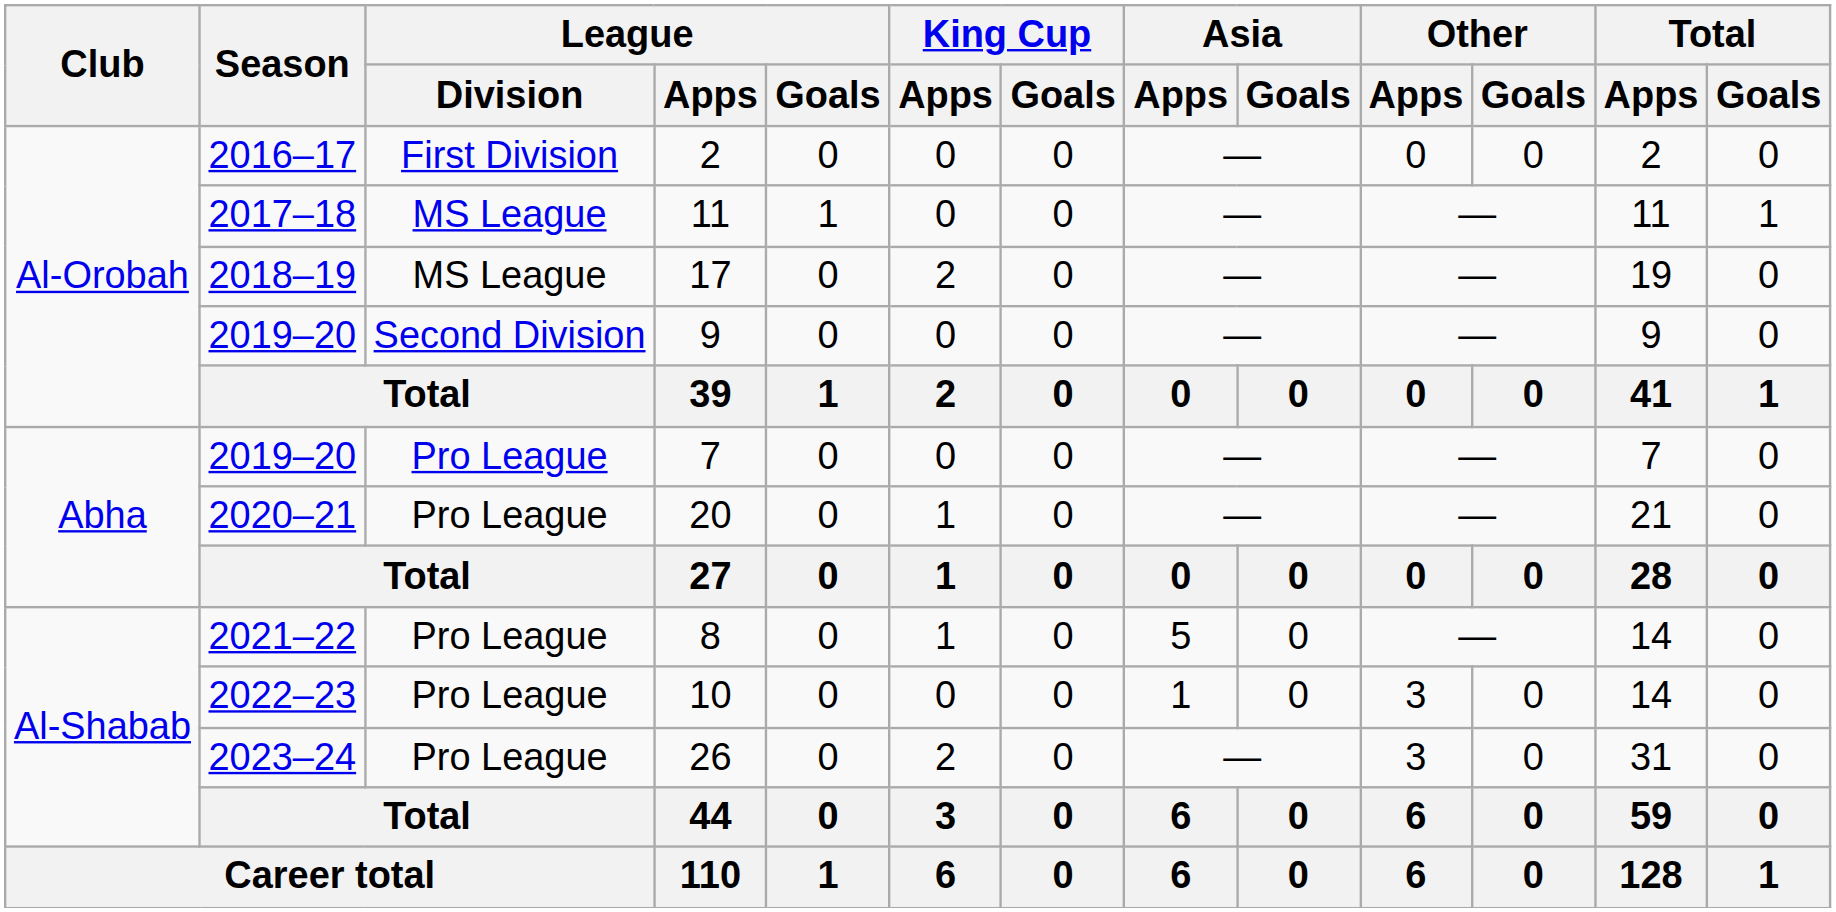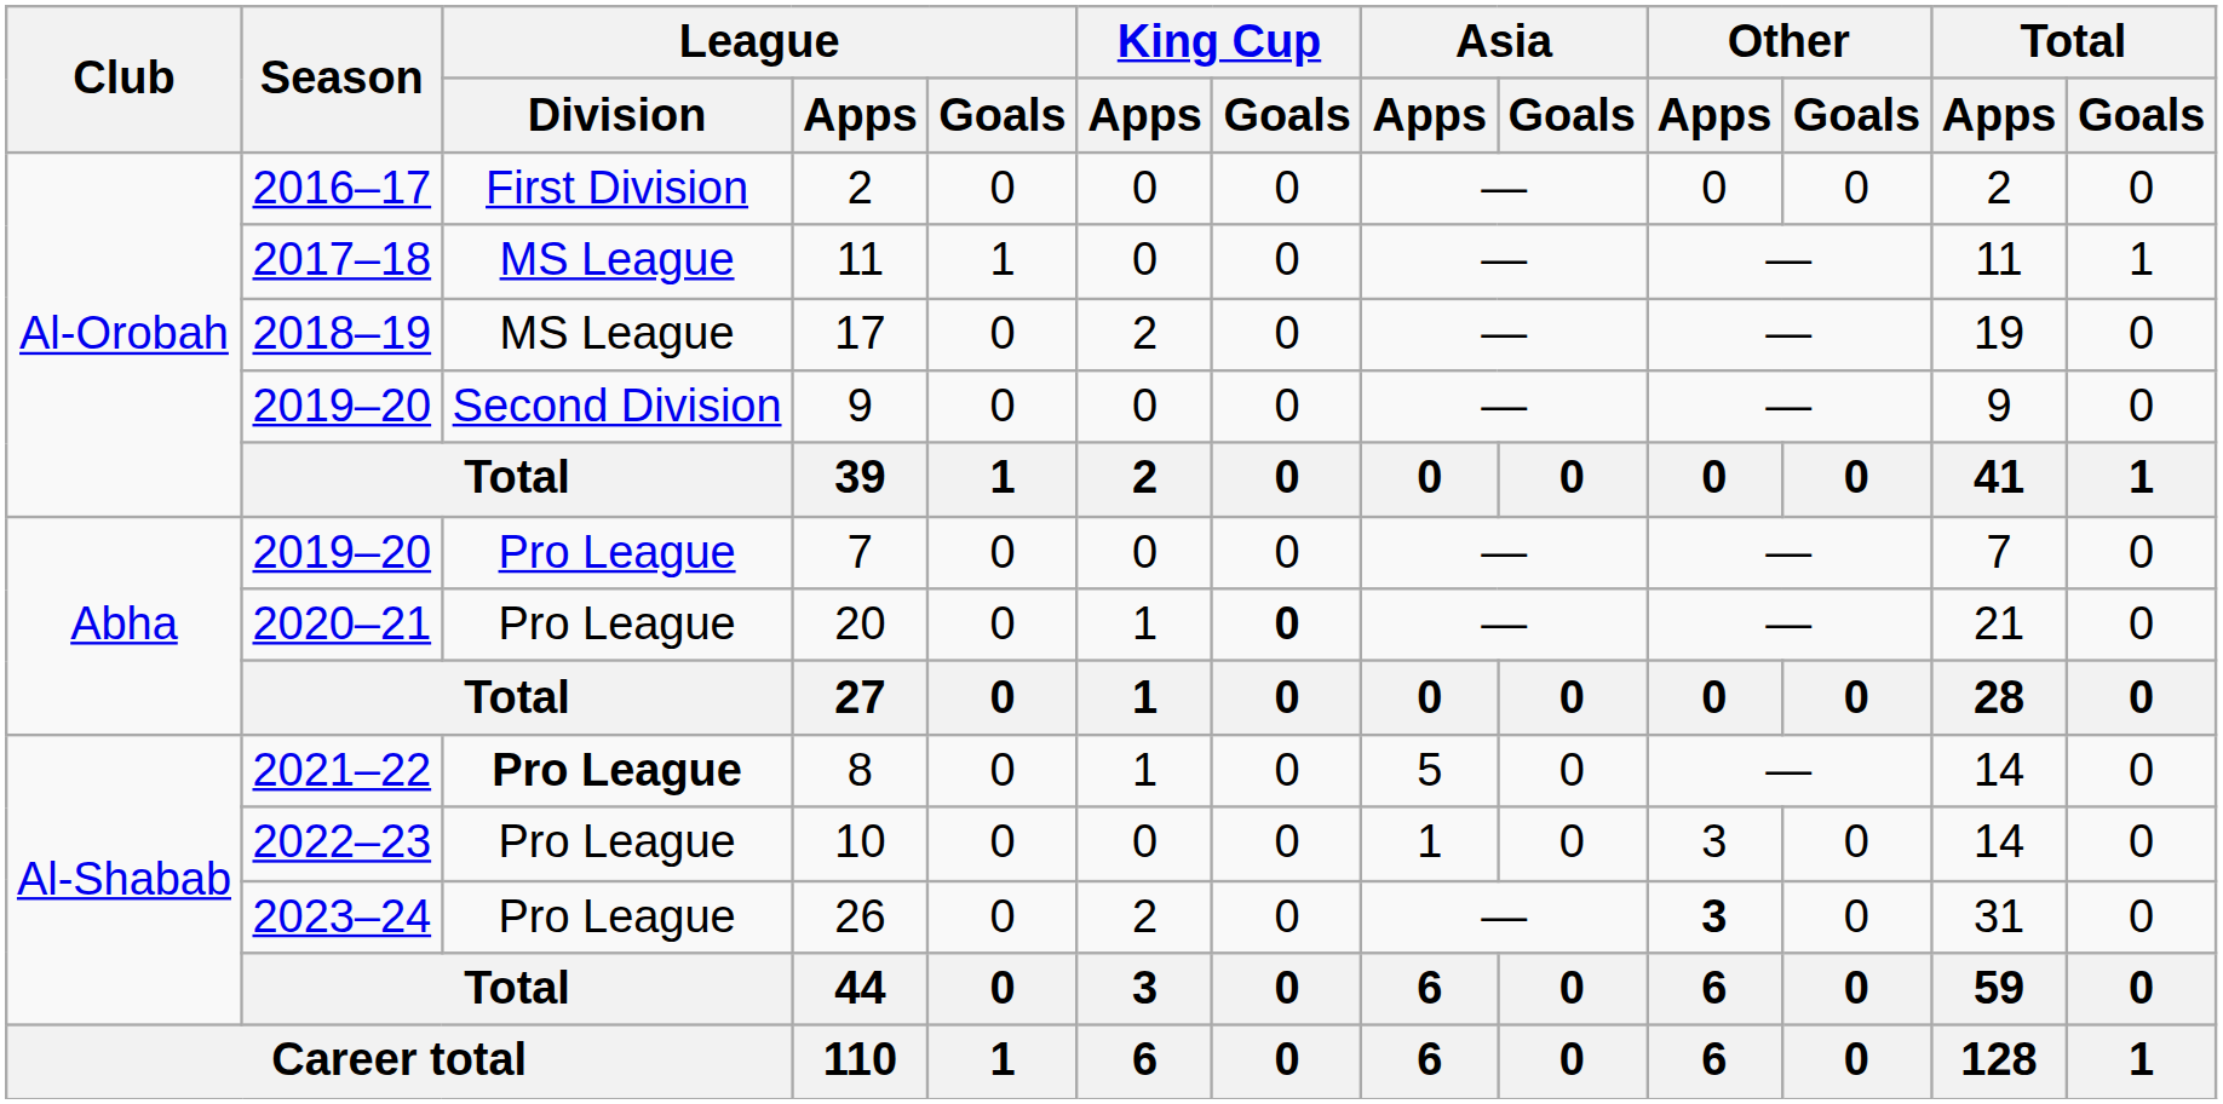 <table class=wikitable style=text-align:center>
 <tr>
 <th rowspan="2">Club</th>
 <th rowspan="2">Season</th>
 <th colspan="3">League</th>
 <th colspan="2"><a href='#'>King Cup</a></th>
 <th colspan="2">Asia</th>
 <th colspan="2">Other</th>
 <th colspan="2">Total</th>
 </tr>
 <tr>
 <th>Division</th>
 <th>Apps</th>
 <th>Goals</th>
 <th>Apps</th>
 <th>Goals</th>
 <th>Apps</th>
 <th>Goals</th>
 <th>Apps</th>
 <th>Goals</th>
 <th>Apps</th>
 <th>Goals</th>
 </tr>
 <tr>
 <td rowspan="5"><a href='#'>Al-Orobah</a></td>
 <td><a href='#'>2016–17</a></td>
 <td><a href='#'>First Division</a></td>
 <td>2</td>
 <td>0</td>
 <td>0</td>
 <td>0</td>
 <td colspan="2">—</td>
 <td>0</td>
 <td>0</td>
 <td>2</td>
 <td>0</td>
 </tr>
 <tr>
 <td><a href='#'>2017–18</a></td>
 <td><a href='#'>MS League</a></td>
 <td>11</td>
 <td>1</td>
 <td>0</td>
 <td>0</td>
 <td colspan="2">—</td>
 <td colspan="2">—</td>
 <td>11</td>
 <td>1</td>
 </tr>
 <tr>
 <td><a href='#'>2018–19</a></td>
 <td>MS League</td>
 <td>17</td>
 <td>0</td>
 <td>2</td>
 <td>0</td>
 <td colspan="2">—</td>
 <td colspan="2">—</td>
 <td>19</td>
 <td>0</td>
 </tr>
 <tr>
 <td><a href='#'>2019–20</a></td>
 <td><a href='#'>Second Division</a></td>
 <td>9</td>
 <td>0</td>
 <td>0</td>
 <td>0</td>
 <td colspan="2">—</td>
 <td colspan="2">—</td>
 <td>9</td>
 <td>0</td>
 </tr>
 <tr>
 <th colspan="2">Total</th>
 <th>39</th>
 <th>1</th>
 <th>2</th>
 <th>0</th>
 <th>0</th>
 <th>0</th>
 <th>0</th>
 <th>0</th>
 <th>41</th>
 <th>1</th>
 </tr>
 <tr>
 <td rowspan="3"><a href='#'>Abha</a></td>
 <td><a href='#'>2019–20</a></td>
 <td><a href='#'>Pro League</a></td>
 <td>7</td>
 <td>0</td>
 <td>0</td>
 <td>0</td>
 <td colspan="2">—</td>
 <td colspan="2">—</td>
 <td>7</td>
 <td>0</td>
 </tr>
 <tr>
 <td><a href='#'>2020–21</a></td>
 <td>Pro League</td>
 <td>20</td>
 <td>0</td>
 <td>1</td>
-<td>0</td>
+<td><strong>0</strong></td>
 <td colspan="2">—</td>
 <td colspan="2">—</td>
 <td>21</td>
 <td>0</td>
 </tr>
 <tr>
 <th colspan="2">Total</th>
 <th>27</th>
 <th>0</th>
 <th>1</th>
 <th>0</th>
 <th>0</th>
 <th>0</th>
 <th>0</th>
 <th>0</th>
 <th>28</th>
 <th>0</th>
 </tr>
 <tr>
 <td rowspan="4"><a href='#'>Al-Shabab</a></td>
 <td><a href='#'>2021–22</a></td>
-<td>Pro League</td>
+<td><strong>Pro League</strong></td>
 <td>8</td>
 <td>0</td>
 <td>1</td>
 <td>0</td>
 <td>5</td>
 <td>0</td>
 <td colspan="2">—</td>
 <td>14</td>
 <td>0</td>
 </tr>
 <tr>
 <td><a href='#'>2022–23</a></td>
 <td>Pro League</td>
 <td>10</td>
 <td>0</td>
 <td>0</td>
 <td>0</td>
 <td>1</td>
 <td>0</td>
 <td>3</td>
 <td>0</td>
 <td>14</td>
 <td>0</td>
 </tr>
 <tr>
 <td><a href='#'>2023–24</a></td>
 <td>Pro League</td>
 <td>26</td>
 <td>0</td>
 <td>2</td>
 <td>0</td>
 <td colspan="2">—</td>
-<td>3</td>
+<td><strong>3</strong></td>
 <td>0</td>
 <td>31</td>
 <td>0</td>
 </tr>
 <tr>
 <th colspan="2">Total</th>
 <th>44</th>
 <th>0</th>
 <th>3</th>
 <th>0</th>
 <th>6</th>
 <th>0</th>
 <th>6</th>
 <th>0</th>
 <th>59</th>
 <th>0</th>
 </tr>
 <tr>
 <th colspan="3">Career total</th>
 <th>110</th>
 <th>1</th>
 <th>6</th>
 <th>0</th>
 <th>6</th>
 <th>0</th>
 <th>6</th>
 <th>0</th>
 <th>128</th>
 <th>1</th>
 </tr>
 </table>
